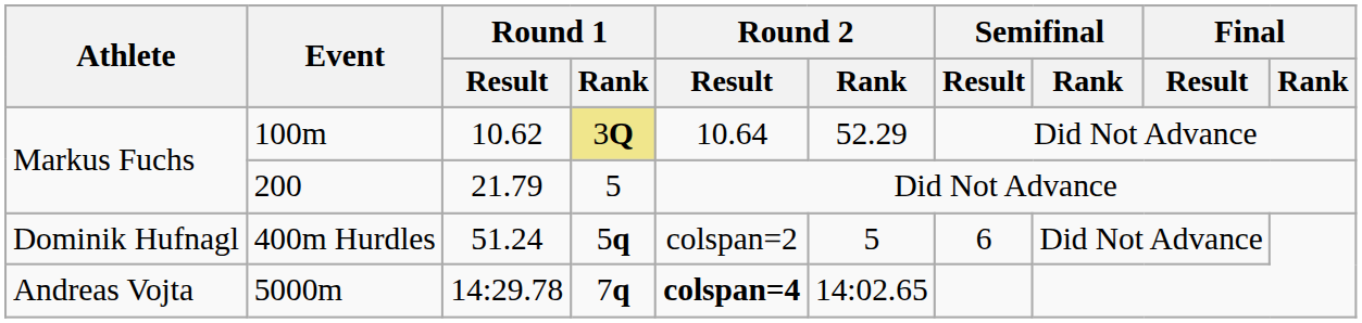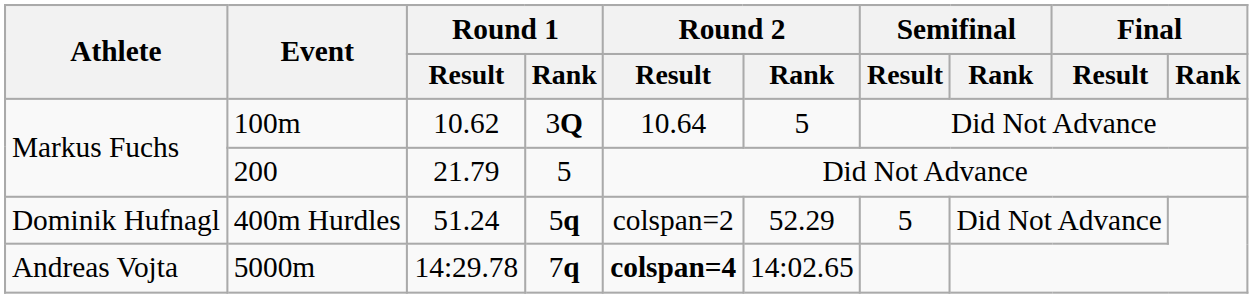 <table class="wikitable" style="font-size:90%">
 <tr>
 <th rowspan="2">Athlete</th>
 <th rowspan="2">Event</th>
 <th colspan="2">Round 1</th>
 <th colspan="2">Round 2</th>
 <th colspan="2">Semifinal</th>
 <th colspan="2">Final</th>
 </tr>
 <tr style="font-size:95%">
 <th>Result</th>
 <th>Rank</th>
 <th>Result</th>
 <th>Rank</th>
 <th>Result</th>
 <th>Rank</th>
 <th>Result</th>
 <th>Rank</th>
 </tr>
 <tr align=center>
 <td align=left rowspan=2>Markus Fuchs</td>
 <td align=left>100m</td>
 <td>10.62</td>
-<td style="background: khaki;">3<strong>Q</strong></td>
+<td>3<strong>Q</strong></td>
 <td>10.64</td>
-<td>52.29</td>
+<td>5</td>
 <td colspan=4>Did Not Advance</td>
 </tr>
 <tr align=center>
 <td align=left>200</td>
 <td>21.79</td>
 <td>5</td>
 <td colspan=6>Did Not Advance</td>
 </tr>
 <tr align=center>
 <td align=left>Dominik Hufnagl</td>
 <td align=left>400m Hurdles</td>
 <td>51.24</td>
 <td>5<strong>q</strong></td>
 <td>colspan=2 </td>
+<td>52.29</td>
 <td>5</td>
-<td>6</td>
 <td colspan=2>Did Not Advance</td>
 </tr>
 <tr align=center>
 <td align=left>Andreas Vojta</td>
 <td align=left>5000m</td>
 <td>14:29.78</td>
 <td>7<strong>q</strong></td>
 <td><strong>colspan=4 </strong></td>
 <td>14:02.65</td>
 <td></td>
 </tr>
 </table>
